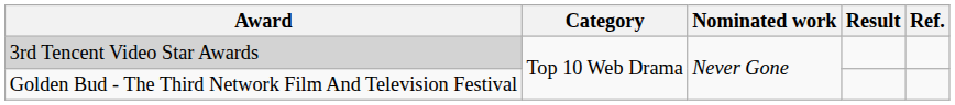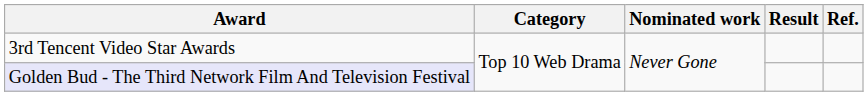 <table class="wikitable">
 <tr>
 <th>Award</th>
 <th>Category</th>
 <th>Nominated work</th>
 <th>Result</th>
 <th>Ref.</th>
 </tr>
 <tr>
-<td style="background: lightgrey;">3rd Tencent Video Star Awards</td>
+<td>3rd Tencent Video Star Awards</td>
 <td rowspan=2>Top 10 Web Drama</td>
 <td rowspan=2><em>Never Gone</em></td>
 <td></td>
 <td></td>
 </tr>
 <tr>
-<td>Golden Bud - The Third Network Film And Television Festival</td>
+<td style="background: lavender;">Golden Bud - The Third Network Film And Television Festival</td>
 <td></td>
 <td></td>
 </tr>
 </table>
